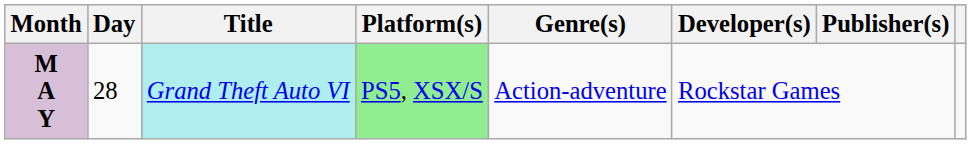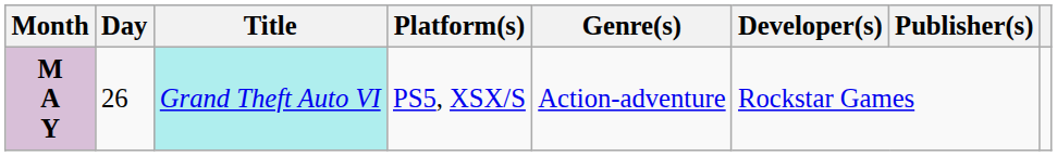 <table class="wikitable">
 <tr style="background:#dae3e7;">
 <th>Month</th>
 <th>Day</th>
 <th>Title</th>
 <th>Platform(s)</th>
 <th>Genre(s)</th>
 <th>Developer(s)</th>
 <th>Publisher(s)</th>
 <th></th>
 </tr>
 <tr>
 <td style="text-align:center; background:thistle; textcolor:#000;"><strong>M<br>A<br>Y<br></strong></td>
-<td>28</td>
+<td>26</td>
 <td style="background: paleturquoise;"><em><a href='#'>Grand Theft Auto VI</a></em></td>
-<td style="background: lightgreen;"><a href='#'>PS5</a>, <a href='#'>XSX/S</a></td>
+<td><a href='#'>PS5</a>, <a href='#'>XSX/S</a></td>
 <td><a href='#'>Action-adventure</a></td>
 <td colspan="2"><a href='#'>Rockstar Games</a></td>
 <td align="center"></td>
 </tr>
 </table>
